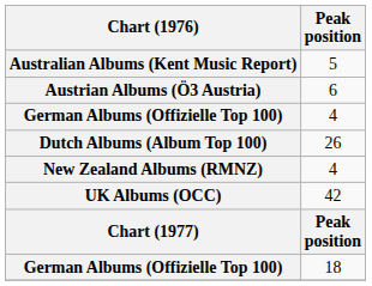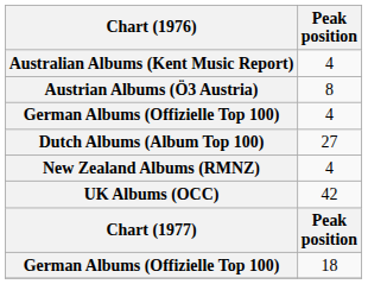 <table class="wikitable sortable plainrowheaders" style="text-align:center">
 <tr>
 <th>Chart (1976)</th>
 <th>Peak<br>position</th>
 </tr>
 <tr>
 <th scope="row">Australian Albums (Kent Music Report)</th>
-<td>5</td>
+<td>4</td>
 </tr>
 <tr>
 <th scope="row">Austrian Albums (Ö3 Austria)</th>
-<td>6</td>
+<td>8</td>
 </tr>
 <tr>
 <th scope="row">German Albums (Offizielle Top 100)</th>
 <td>4</td>
 </tr>
 <tr>
 <th scope="row">Dutch Albums (Album Top 100)</th>
-<td>26</td>
+<td>27</td>
 </tr>
 <tr>
 <th scope="row">New Zealand Albums (RMNZ)</th>
 <td>4</td>
 </tr>
 <tr>
 <th scope="row">UK Albums (OCC)</th>
 <td>42</td>
 </tr>
 <tr>
 <th>Chart (1977)</th>
 <th>Peak<br>position</th>
 </tr>
 <tr>
 <th scope="row">German Albums (Offizielle Top 100)</th>
 <td>18</td>
 </tr>
 <tr>
 </tr>
 </table>
